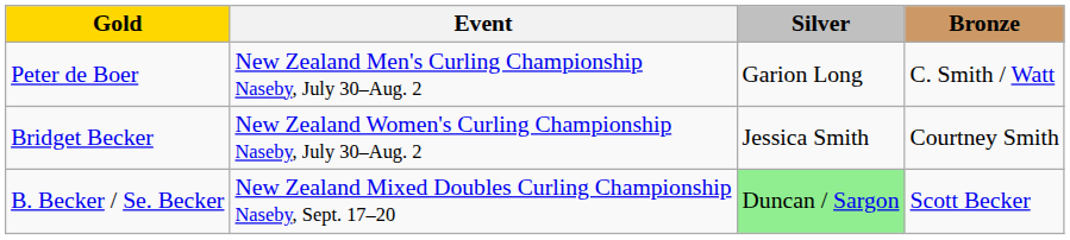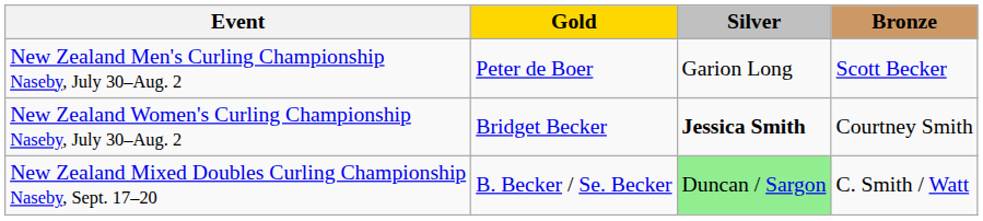 <table class="wikitable">
 <tr>
+<th>Event</th>
 <th style="background:gold">Gold</th>
-<th>Event</th>
 <th style="background:silver">Silver</th>
 <th style="background:#cc9966">Bronze</th>
 </tr>
 <tr>
+<td><a href='#'>New Zealand Men's Curling Championship</a><br> <small><a href='#'>Naseby</a>, July 30–Aug. 2</small></td>
 <td><a href='#'>Peter de Boer</a></td>
-<td><a href='#'>New Zealand Men's Curling Championship</a><br> <small><a href='#'>Naseby</a>, July 30–Aug. 2</small></td>
 <td>Garion Long</td>
-<td>C. Smith / <a href='#'>Watt</a></td>
+<td><a href='#'>Scott Becker</a></td>
 </tr>
 <tr>
+<td><a href='#'>New Zealand Women's Curling Championship</a><br> <small><a href='#'>Naseby</a>, July 30–Aug. 2</small></td>
 <td><a href='#'>Bridget Becker</a></td>
-<td><a href='#'>New Zealand Women's Curling Championship</a><br> <small><a href='#'>Naseby</a>, July 30–Aug. 2</small></td>
-<td>Jessica Smith</td>
+<td><strong>Jessica Smith</strong></td>
 <td>Courtney Smith</td>
 </tr>
 <tr>
+<td><a href='#'>New Zealand Mixed Doubles Curling Championship</a><br> <small><a href='#'>Naseby</a>, Sept. 17–20</small></td>
 <td><a href='#'>B. Becker</a> / <a href='#'>Se. Becker</a></td>
-<td><a href='#'>New Zealand Mixed Doubles Curling Championship</a><br> <small><a href='#'>Naseby</a>, Sept. 17–20</small></td>
 <td style="background: lightgreen;">Duncan / <a href='#'>Sargon</a></td>
-<td><a href='#'>Scott Becker</a></td>
+<td>C. Smith / <a href='#'>Watt</a></td>
 </tr>
 </table>
